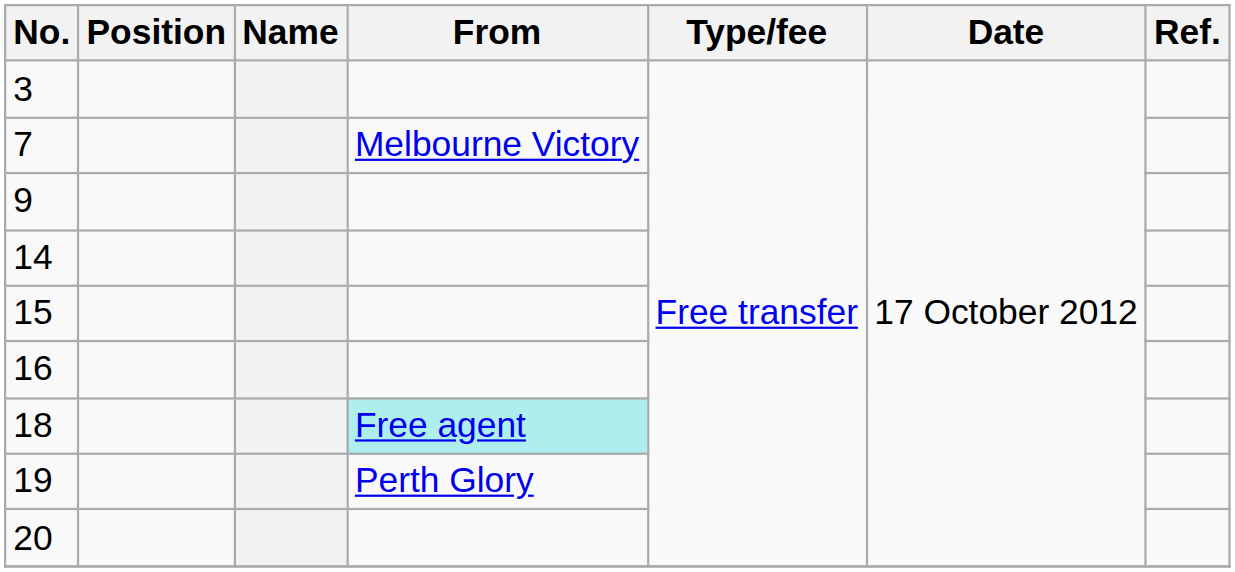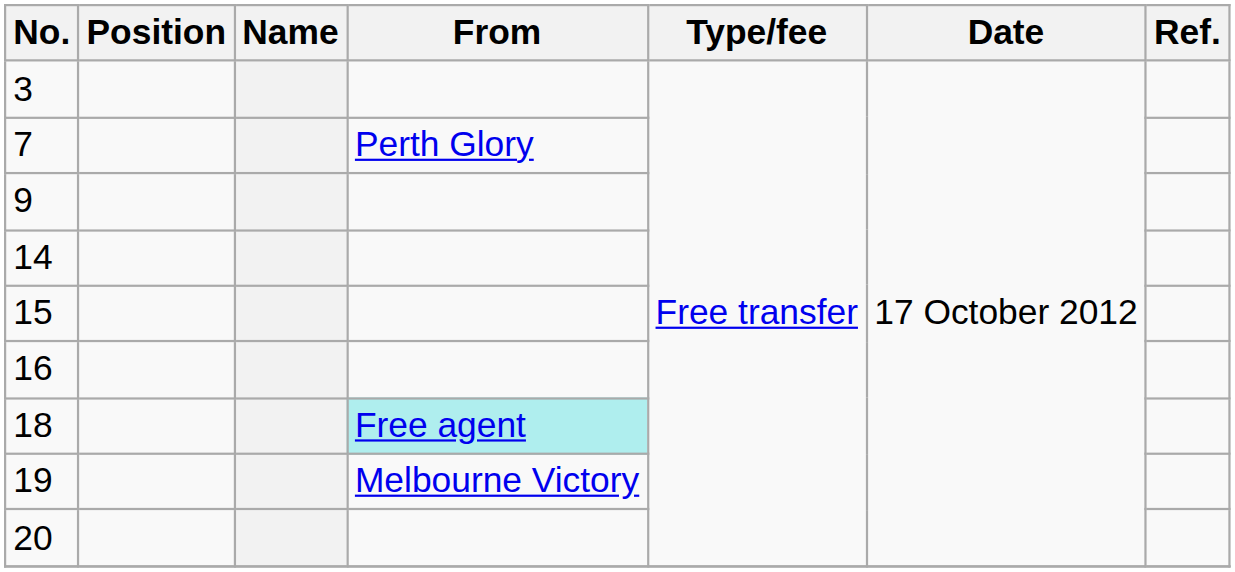 <table class="wikitable plainrowheaders sortable" style="text-align:center; text-align:left">
 <tr>
 <th>No.</th>
 <th>Position</th>
 <th>Name</th>
 <th>From</th>
 <th>Type/fee</th>
 <th>Date</th>
 <th>Ref.</th>
 </tr>
 <tr>
 <td>3</td>
 <td></td>
 <th scope="row"></th>
 <td></td>
 <td rowspan="9"><a href='#'>Free transfer</a></td>
 <td rowspan="9">17 October 2012</td>
 <td></td>
 </tr>
 <tr>
 <td>7</td>
 <td></td>
 <th scope="row"></th>
-<td><a href='#'>Melbourne Victory</a></td>
+<td><a href='#'>Perth Glory</a></td>
 <td></td>
 </tr>
 <tr>
 <td>9</td>
 <td></td>
 <th scope="row"></th>
 <td></td>
 <td></td>
 </tr>
 <tr>
 <td>14</td>
 <td></td>
 <th scope="row"></th>
 <td></td>
 <td></td>
 </tr>
 <tr>
 <td>15</td>
 <td></td>
 <th scope="row"></th>
 <td></td>
 <td></td>
 </tr>
 <tr>
 <td>16</td>
 <td></td>
 <th scope="row"></th>
 <td></td>
 <td></td>
 </tr>
 <tr>
 <td>18</td>
 <td></td>
 <th scope="row"></th>
 <td style="background: paleturquoise;"><a href='#'>Free agent</a></td>
 <td></td>
 </tr>
 <tr>
 <td>19</td>
 <td></td>
 <th scope="row"></th>
-<td><a href='#'>Perth Glory</a></td>
+<td><a href='#'>Melbourne Victory</a></td>
 <td></td>
 </tr>
 <tr>
 <td>20</td>
 <td></td>
 <th scope="row"></th>
 <td></td>
 <td></td>
 </tr>
 <tr>
 </tr>
 </table>
